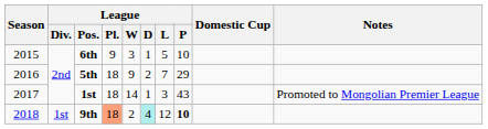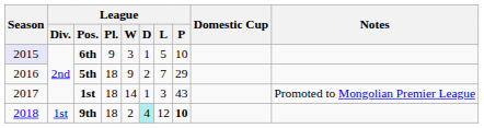 <table class="wikitable" style="text-align:center;">
 <tr style="background:#efefef;">
 <th rowspan="2">Season</th>
 <th colspan="7">League</th>
 <th rowspan="2">Domestic Cup</th>
 <th rowspan="2">Notes</th>
 </tr>
 <tr>
 <th>Div.</th>
 <th>Pos.</th>
 <th>Pl.</th>
 <th>W</th>
 <th>D</th>
 <th>L</th>
 <th>P</th>
 </tr>
 <tr>
-<td>2015</td>
+<td style="background: lavender;">2015</td>
 <td rowspan="3"><a href='#'>2nd</a></td>
 <td><strong>6th</strong></td>
 <td>9</td>
 <td>3</td>
 <td>1</td>
 <td>5</td>
 <td>10</td>
 <td></td>
 <td></td>
 </tr>
 <tr>
 <td>2016</td>
 <td><strong>5th</strong></td>
 <td>18</td>
 <td>9</td>
 <td>2</td>
 <td>7</td>
 <td>29</td>
 <td></td>
 <td></td>
 </tr>
 <tr>
 <td>2017</td>
 <td><strong>1st</strong></td>
 <td>18</td>
 <td>14</td>
 <td>1</td>
 <td>3</td>
 <td>43</td>
 <td></td>
 <td>Promoted to <a href='#'>Mongolian Premier League</a></td>
 </tr>
 <tr>
 <td><a href='#'>2018</a></td>
 <td><a href='#'>1st</a></td>
 <td><strong>9th</strong></td>
-<td style="background: lightsalmon;">18</td>
+<td>18</td>
 <td>2</td>
 <td style="background: paleturquoise;">4</td>
 <td>12</td>
 <td><strong>10</strong></td>
 <td></td>
 <td></td>
 </tr>
 </table>
